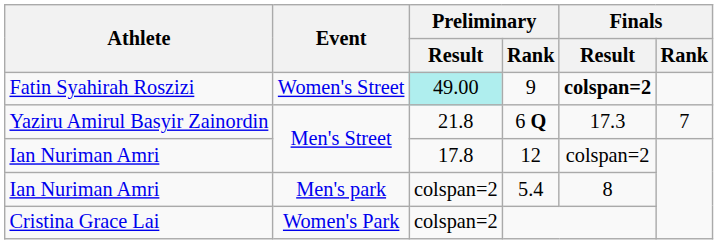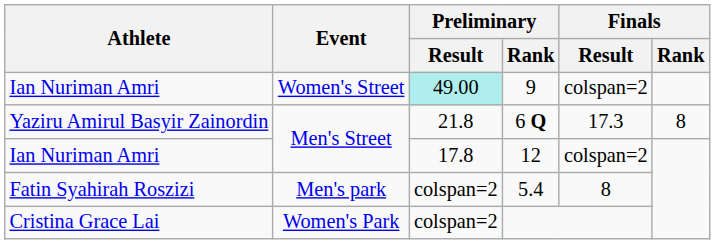 <table class=wikitable style="font-size:90%; text-align:center">
 <tr>
 <th rowspan=2>Athlete</th>
 <th rowspan=2>Event</th>
 <th colspan=2>Preliminary</th>
 <th colspan=2>Finals</th>
 </tr>
 <tr>
 <th>Result</th>
 <th>Rank</th>
 <th>Result</th>
 <th>Rank</th>
 </tr>
 <tr>
-<td align=left><a href='#'>Fatin Syahirah Roszizi</a></td>
+<td align=left><a href='#'>Ian Nuriman Amri</a></td>
 <td><a href='#'>Women's Street</a></td>
 <td align=center style="background: paleturquoise;">49.00</td>
 <td align=center>9</td>
-<td><strong>colspan=2</strong></td>
+<td>colspan=2</td>
 </tr>
 <tr>
 <td align=left><a href='#'>Yaziru Amirul Basyir Zainordin</a></td>
 <td rowspan=2><a href='#'>Men's Street</a></td>
 <td align=center>21.8</td>
 <td align=center>6 <strong>Q</strong></td>
 <td align=center>17.3</td>
-<td align=center>7</td>
+<td align=center>8</td>
 </tr>
 <tr>
 <td align=left><a href='#'>Ian Nuriman Amri</a></td>
 <td align=center>17.8</td>
 <td align=center>12</td>
 <td>colspan=2</td>
 </tr>
 <tr>
-<td align=left><a href='#'>Ian Nuriman Amri</a></td>
+<td align=left><a href='#'>Fatin Syahirah Roszizi</a></td>
 <td><a href='#'>Men's park</a></td>
 <td>colspan=2</td>
 <td align=center>5.4</td>
 <td align=center>8</td>
 </tr>
 <tr>
 <td align=left><a href='#'>Cristina Grace Lai</a></td>
 <td><a href='#'>Women's Park</a></td>
 <td>colspan=2</td>
 <td colspan="2"><strong></strong></td>
 </tr>
 </table>
